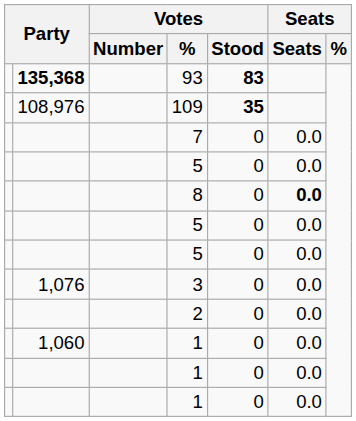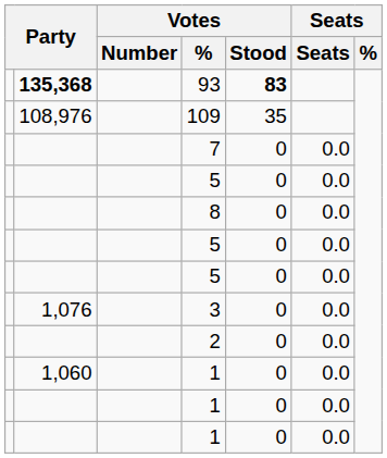 <table class="wikitable sortable" style="text-align:right;" style="font-size:95%">
 <tr>
 <th style="vertical-align:center;" rowspan="2" colspan="2">Party</th>
 <th style="text-align:center;" colspan="3">Votes</th>
 <th style="text-align:center;" colspan="4">Seats</th>
 </tr>
 <tr style="text-align: right">
 <th align=center>Number</th>
 <th align=center>%</th>
 <th align=center>Stood</th>
 <th align=center>Seats</th>
 <th align=center>%</th>
 </tr>
 <tr>
 <td></td>
 <td align="right"><strong>135,368</strong></td>
 <td align="right"></td>
 <td align="right">93</td>
 <td align="right"><strong>83</strong></td>
 <td align="right"></td>
 </tr>
 <tr>
 <td></td>
 <td align="right">108,976</td>
 <td align="right"></td>
 <td align="right">109</td>
-<td align="right"><strong>35</strong></td>
+<td align="right">35</td>
 <td align="right"></td>
 </tr>
 <tr>
 <td></td>
 <td align="right"></td>
 <td align="right"></td>
 <td align="right">7</td>
 <td align="right">0</td>
 <td align="right">0.0</td>
 </tr>
 <tr>
 <td></td>
 <td align="right"></td>
 <td align="right"></td>
 <td align="right">5</td>
 <td align="right">0</td>
 <td align="right">0.0</td>
 </tr>
 <tr>
 <td></td>
 <td align="right"></td>
 <td align="right"></td>
 <td align="right">8</td>
 <td align="right">0</td>
-<td align="right"><strong>0.0</strong></td>
+<td align="right">0.0</td>
 </tr>
 <tr>
 <td></td>
 <td align="right"></td>
 <td align="right"></td>
 <td align="right">5</td>
 <td align="right">0</td>
 <td align="right">0.0</td>
 </tr>
 <tr>
 <td></td>
 <td align="right"></td>
 <td align="right"></td>
 <td align="right">5</td>
 <td align="right">0</td>
 <td align="right">0.0</td>
 </tr>
 <tr>
 <td></td>
 <td align="right">1,076</td>
 <td align="right"></td>
 <td align="right">3</td>
 <td align="right">0</td>
 <td align="right">0.0</td>
 </tr>
 <tr>
 <td></td>
 <td align="right"></td>
 <td align="right"></td>
 <td align="right">2</td>
 <td align="right">0</td>
 <td align="right">0.0</td>
 </tr>
 <tr>
 <td></td>
 <td align="right">1,060</td>
 <td align="right"></td>
 <td align="right">1</td>
 <td align="right">0</td>
 <td align="right">0.0</td>
 </tr>
 <tr>
 <td></td>
 <td align="right"></td>
 <td align="right"></td>
 <td align="right">1</td>
 <td align="right">0</td>
 <td align="right">0.0</td>
 </tr>
 <tr>
 <td></td>
 <td align="right"></td>
 <td align="right"></td>
 <td align="right">1</td>
 <td align="right">0</td>
 <td align="right">0.0</td>
 </tr>
 </table>
